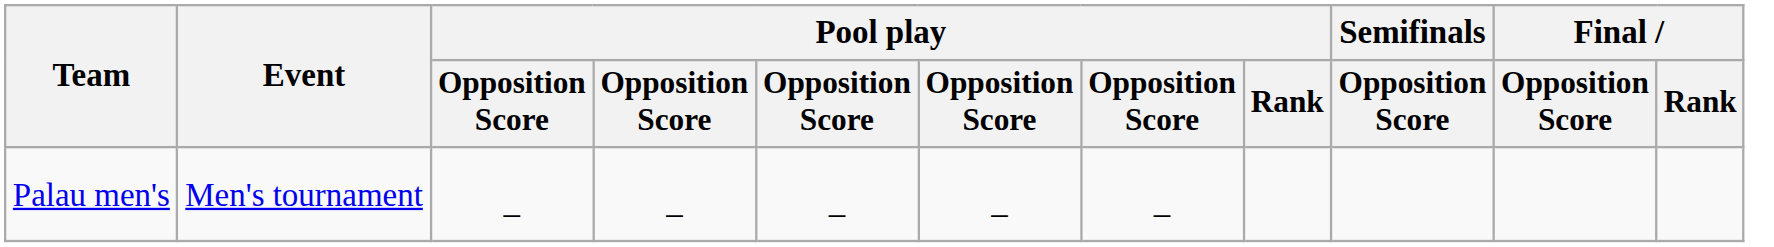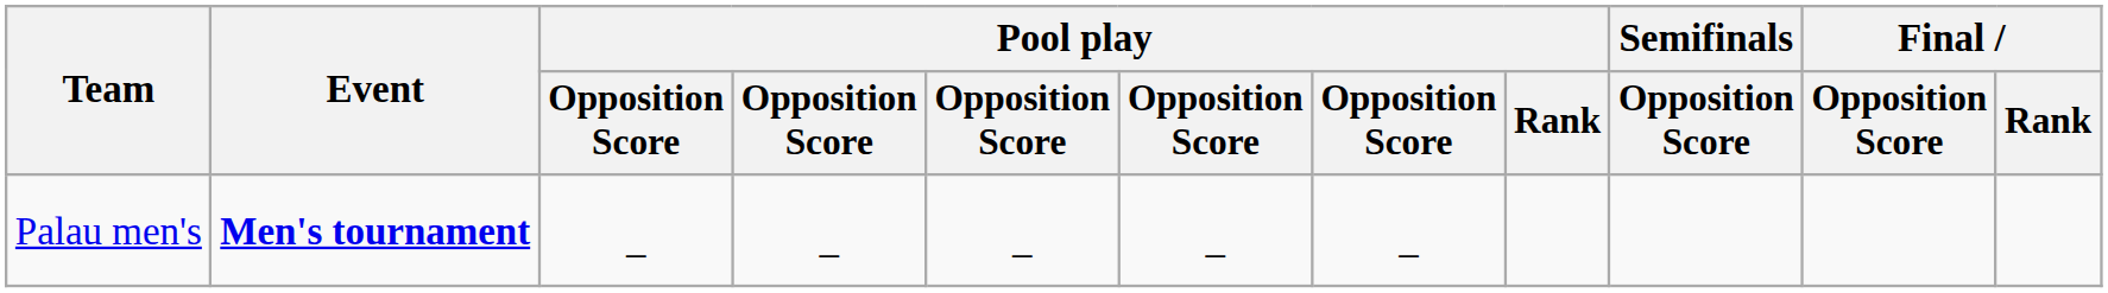 <table class=wikitable style=font-size:90%;text-align:center>
 <tr>
 <th rowspan=2>Team</th>
 <th rowspan=2>Event</th>
 <th colspan=6>Pool play</th>
 <th>Semifinals</th>
 <th colspan=2>Final / </th>
 </tr>
 <tr style=font-size:95%>
 <th>Opposition<br>Score</th>
 <th>Opposition<br>Score</th>
 <th>Opposition<br>Score</th>
 <th>Opposition<br>Score</th>
 <th>Opposition<br>Score</th>
 <th>Rank</th>
 <th>Opposition<br>Score</th>
 <th>Opposition<br>Score</th>
 <th>Rank</th>
 </tr>
 <tr>
 <td align=left><a href='#'>Palau men's</a></td>
-<td align=left><a href='#'>Men's tournament</a></td>
+<td align=left><strong><a href='#'>Men's tournament</a></strong></td>
 <td><br> –</td>
 <td><br> –</td>
 <td><br> –</td>
 <td><br> –</td>
 <td><br> –</td>
 <td></td>
 <td></td>
 <td></td>
 </tr>
 </table>
